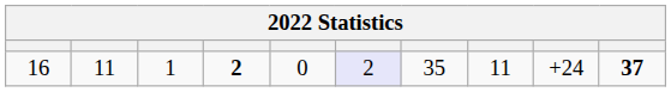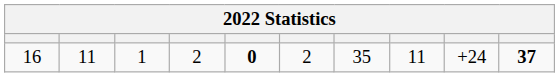 <table class="wikitable" style="text-align: center;">
 <tr>
 <th colspan=10><strong>2022 Statistics</strong></th>
 </tr>
 <tr>
 <th style="width: 40px;"></th>
 <th style="width: 40px;"></th>
 <th style="width: 40px;"></th>
 <th style="width: 40px;"></th>
 <th style="width: 40px;"></th>
 <th style="width: 40px;"></th>
 <th style="width: 40px;"></th>
 <th style="width: 40px;"></th>
 <th style="width: 40px;"></th>
 <th style="width: 40px;"></th>
 </tr>
 <tr>
 <td>16</td>
 <td>11</td>
 <td>1</td>
-<td><strong>2</strong></td>
-<td>0</td>
-<td style="background: lavender;">2</td>
+<td>2</td>
+<td><strong>0</strong></td>
+<td>2</td>
 <td>35</td>
 <td>11</td>
 <td>+24</td>
 <td><strong>37</strong></td>
 </tr>
 </table>
